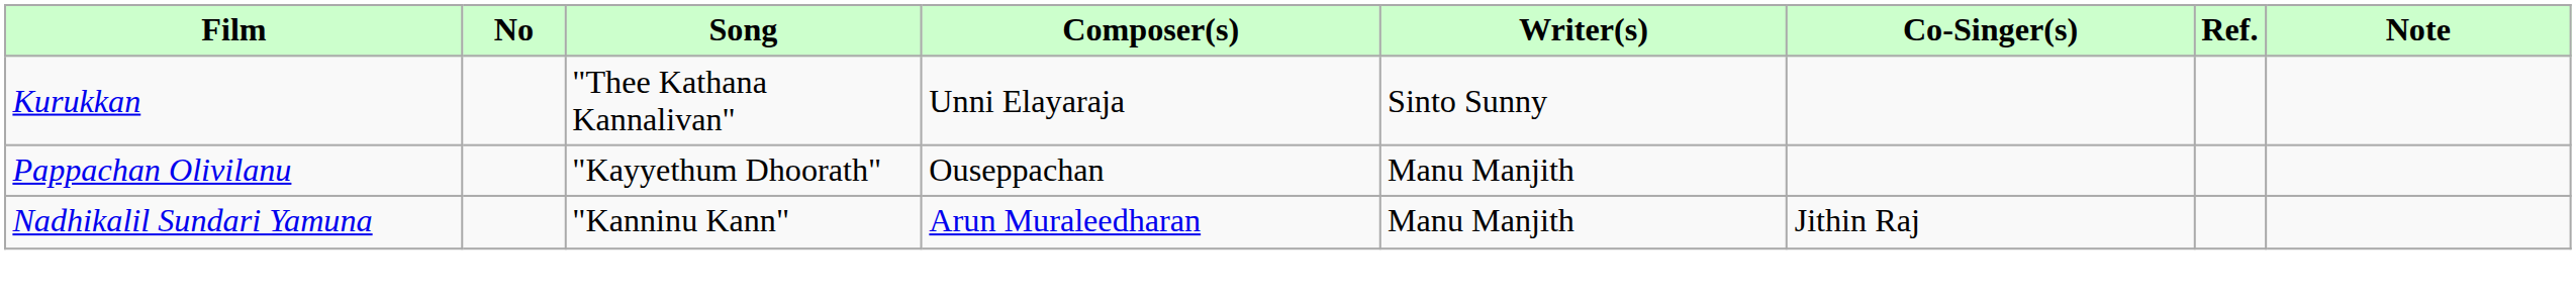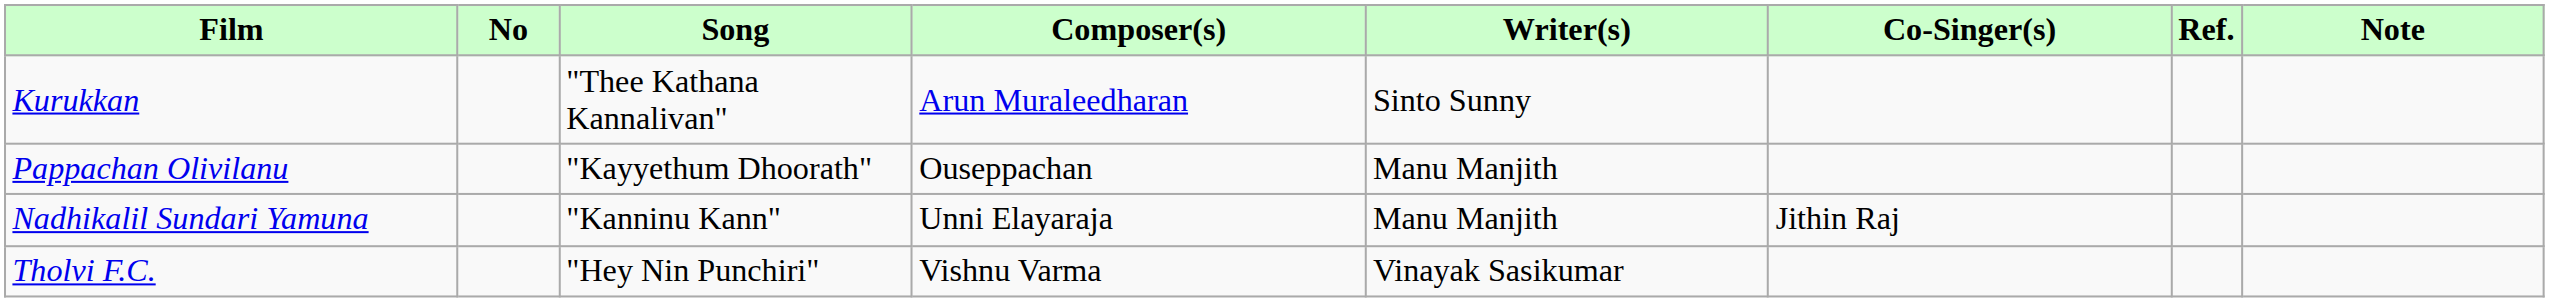 <table class="wikitable plainrowheaders" style="width:100%;" textcolor:#000;" style="align:center;">
 <tr style="background:#cfc; text-align:center;">
 <td scope="col" style="width:18%;"><strong>Film</strong></td>
 <td scope="col" style="width:4%;"><strong>No</strong></td>
 <td scope="col" style="width:14%;"><strong>Song</strong></td>
 <td scope="col" style="width:18%;"><strong>Composer(s)</strong></td>
 <td scope="col" style="width:16%;"><strong>Writer(s)</strong></td>
 <td scope="col" style="width:16%;"><strong>Co-Singer(s)</strong></td>
 <td scope="col" style="width:2%;"><strong>Ref.</strong></td>
 <td scope="col" style="width:12%;"><strong>Note</strong></td>
 </tr>
 <tr>
 <td><em><a href='#'>Kurukkan</a></em></td>
 <td></td>
 <td>"Thee Kathana Kannalivan"</td>
-<td>Unni Elayaraja</td>
+<td><a href='#'>Arun Muraleedharan</a></td>
 <td>Sinto Sunny</td>
 <td></td>
 <td></td>
 <td></td>
 </tr>
 <tr>
 <td><em><a href='#'>Pappachan Olivilanu</a></em></td>
 <td></td>
 <td>"Kayyethum Dhoorath"</td>
 <td>Ouseppachan</td>
 <td>Manu Manjith</td>
 <td></td>
 <td></td>
 <td></td>
 </tr>
 <tr>
 <td><em><a href='#'>Nadhikalil Sundari Yamuna</a></em></td>
 <td></td>
 <td>"Kanninu Kann"</td>
-<td><a href='#'>Arun Muraleedharan</a></td>
+<td>Unni Elayaraja</td>
 <td>Manu Manjith</td>
 <td>Jithin Raj</td>
 <td></td>
 <td></td>
 </tr>
+<tr>
+<td><em><a href='#'>Tholvi F.C.</a></em></td>
+<td></td>
+<td>"Hey Nin Punchiri"</td>
+<td>Vishnu Varma</td>
+<td>Vinayak Sasikumar</td>
+<td></td>
+<td></td>
+<td></td>
+</tr>
 </table>
